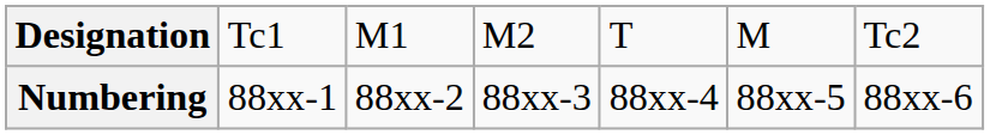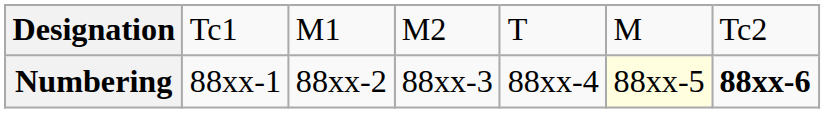 <table class="wikitable">
 <tr>
 <th>Designation</th>
 <td>Tc1</td>
 <td>M1</td>
 <td>M2</td>
 <td>T</td>
 <td>M</td>
 <td>Tc2</td>
 </tr>
 <tr>
 <th>Numbering</th>
 <td>88xx-1</td>
 <td>88xx-2</td>
 <td>88xx-3</td>
 <td>88xx-4</td>
-<td>88xx-5</td>
-<td>88xx-6</td>
+<td style="background: lightyellow;">88xx-5</td>
+<td><strong>88xx-6</strong></td>
 </tr>
 </table>
